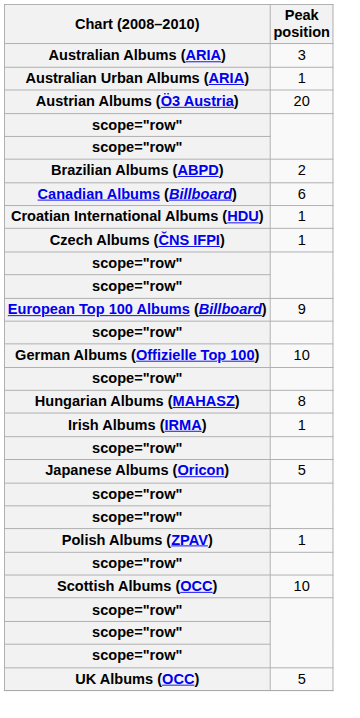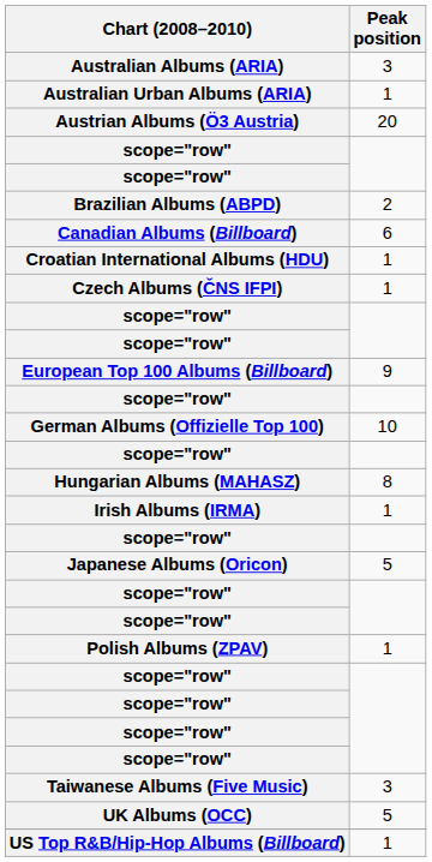 <table class="wikitable sortable plainrowheaders" style="text-align:center;">
 <tr>
 <th scope="col">Chart (2008–2010)</th>
 <th scope="col">Peak<br>position</th>
 </tr>
 <tr>
 <th scope="row">Australian Albums (<a href='#'>ARIA</a>)</th>
 <td>3</td>
 </tr>
 <tr>
 <th scope="row">Australian Urban Albums (<a href='#'>ARIA</a>)</th>
 <td>1</td>
 </tr>
 <tr>
 <th scope="row">Austrian Albums (<a href='#'>Ö3 Austria</a>)</th>
 <td>20</td>
 </tr>
 <tr>
 <th>scope="row"</th>
 </tr>
 <tr>
 <th>scope="row"</th>
 </tr>
 <tr>
 <th scope="row">Brazilian Albums (<a href='#'>ABPD</a>)</th>
 <td>2</td>
 </tr>
 <tr>
 <th scope="row"><a href='#'>Canadian Albums</a> (<em><a href='#'>Billboard</a></em>)</th>
 <td>6</td>
 </tr>
 <tr>
 <th scope="row">Croatian International Albums (<a href='#'>HDU</a>)</th>
 <td>1</td>
 </tr>
 <tr>
 <th scope="row">Czech Albums (<a href='#'>ČNS IFPI</a>)</th>
 <td>1</td>
 </tr>
 <tr>
 <th>scope="row"</th>
 </tr>
 <tr>
 <th>scope="row"</th>
 </tr>
 <tr>
 <th scope="row"><a href='#'>European Top 100 Albums</a> (<em><a href='#'>Billboard</a></em>)</th>
 <td>9</td>
 </tr>
 <tr>
 <th>scope="row"</th>
 </tr>
 <tr>
 <th scope="row">German Albums (<a href='#'>Offizielle Top 100</a>)</th>
 <td>10</td>
 </tr>
 <tr>
 <th>scope="row"</th>
 </tr>
 <tr>
 <th scope="row">Hungarian Albums (<a href='#'>MAHASZ</a>)</th>
 <td>8</td>
 </tr>
 <tr>
 <th scope="row">Irish Albums (<a href='#'>IRMA</a>)</th>
 <td>1</td>
 </tr>
 <tr>
 <th>scope="row"</th>
 </tr>
 <tr>
 <th scope="row">Japanese Albums (<a href='#'>Oricon</a>)</th>
 <td>5</td>
 </tr>
 <tr>
 <th>scope="row"</th>
 </tr>
 <tr>
 <th>scope="row"</th>
 </tr>
 <tr>
 <th scope="row">Polish Albums (<a href='#'>ZPAV</a>)</th>
 <td>1</td>
 </tr>
 <tr>
 <th>scope="row"</th>
 </tr>
 <tr>
-<th scope="row">Scottish Albums (<a href='#'>OCC</a>)</th>
-<td>10</td>
-</tr>
-<tr>
 <th>scope="row"</th>
 </tr>
 <tr>
 <th>scope="row"</th>
 </tr>
 <tr>
 <th>scope="row"</th>
 </tr>
 <tr>
+<th scope="row">Taiwanese Albums (<a href='#'>Five Music</a>)</th>
+<td>3</td>
+</tr>
+<tr>
 <th scope="row">UK Albums (<a href='#'>OCC</a>)</th>
 <td>5</td>
 </tr>
 <tr>
 </tr>
+<tr>
+<th scope="row">US <a href='#'>Top R&B/Hip-Hop Albums</a> (<em><a href='#'>Billboard</a></em>)</th>
+<td>1</td>
+</tr>
 </table>
